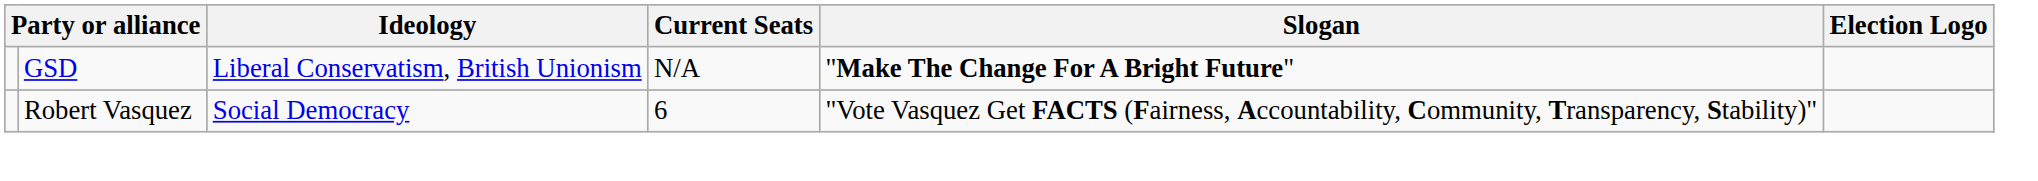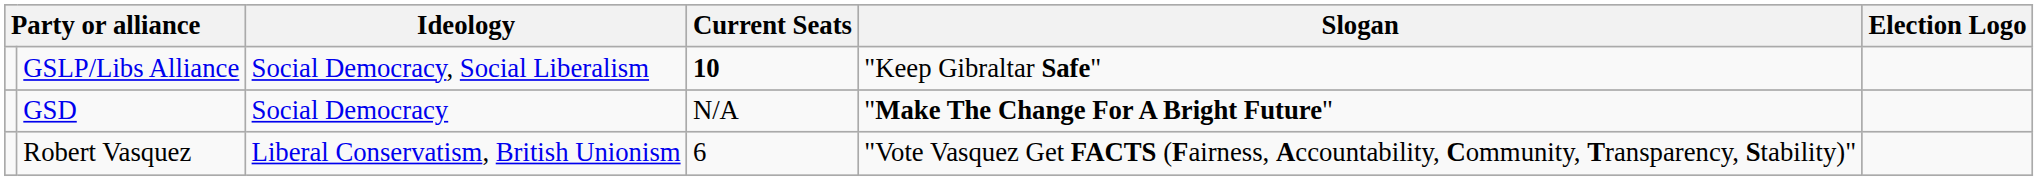 <table class="wikitable" style="text-align:left;">
 <tr>
 <th style="text-align:left;" colspan="2">Party or alliance</th>
 <th>Ideology</th>
 <th>Current Seats</th>
 <th>Slogan</th>
 <th>Election Logo</th>
 </tr>
 <tr>
 <td></td>
+<td><a href='#'>GSLP/Libs Alliance</a></td>
+<td><a href='#'>Social Democracy</a>, <a href='#'>Social Liberalism</a></td>
+<td><strong>10</strong></td>
+<td>"Keep Gibraltar <strong>Safe</strong>"</td>
+<td></td>
+</tr>
+<tr>
+<td></td>
 <td><a href='#'>GSD</a></td>
-<td><a href='#'>Liberal Conservatism</a>, <a href='#'>British Unionism</a></td>
+<td><a href='#'>Social Democracy</a></td>
 <td>N/A</td>
 <td>"<strong>Make The Change For A Bright Future</strong>"</td>
 <td></td>
 </tr>
 <tr>
 <td></td>
 <td>Robert Vasquez</td>
-<td><a href='#'>Social Democracy</a></td>
+<td><a href='#'>Liberal Conservatism</a>, <a href='#'>British Unionism</a></td>
 <td>6</td>
 <td>"Vote Vasquez Get <strong>FACTS</strong> (<strong>F</strong>airness, <strong>A</strong>ccountability, <strong>C</strong>ommunity, <strong>T</strong>ransparency, <strong>S</strong>tability)"</td>
 <td></td>
 </tr>
 </table>
